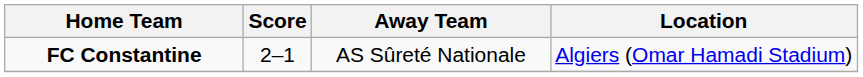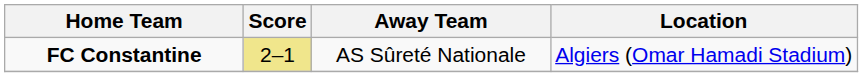 <table class="wikitable" style="text-align:center;">
 <tr>
 <th width=175>Home Team</th>
 <th width=20>Score</th>
 <th width=175>Away Team</th>
 <th>Location</th>
 </tr>
 <tr>
 <td><strong>FC Constantine</strong></td>
-<td>2–1</td>
+<td style="background: khaki;">2–1</td>
 <td>AS Sûreté Nationale</td>
 <td><a href='#'>Algiers</a> (<a href='#'>Omar Hamadi Stadium</a>)</td>
 </tr>
 <tr>
 </tr>
 </table>
